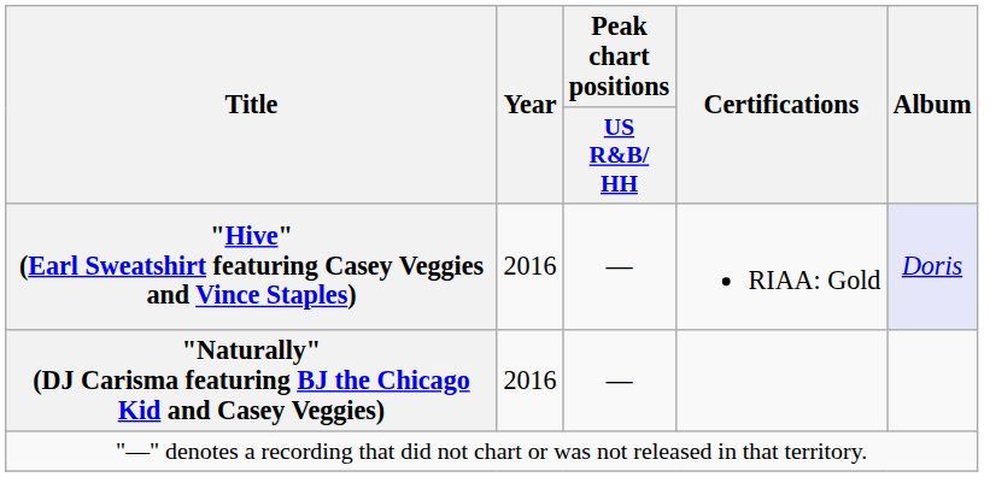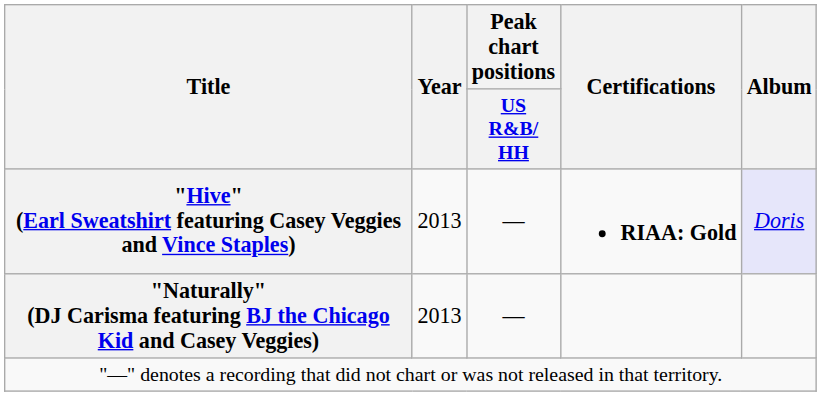 <table class="wikitable plainrowheaders" style="text-align:center;">
 <tr>
 <th scope="col" rowspan="2" style="width:18em;">Title</th>
 <th scope="col" rowspan="2">Year</th>
 <th scope="col" colspan="1">Peak chart positions</th>
 <th scope="col" rowspan="2">Certifications</th>
 <th scope="col" rowspan="2">Album</th>
 </tr>
 <tr>
 <th scope="col" style="width:3em;font-size:90%;"><a href='#'>US<br>R&B/<br>HH</a><br></th>
 </tr>
 <tr>
 <th scope="row">"<a href='#'>Hive</a>"<br><span>(<a href='#'>Earl Sweatshirt</a> featuring Casey Veggies and <a href='#'>Vince Staples</a>)</span></th>
-<td>2016</td>
+<td>2013</td>
 <td>—</td>
-<td><br><ul><li>RIAA: Gold</li></ul></td>
+<td><strong><br><ul><li>RIAA: Gold</li></ul></strong></td>
 <td style="background: lavender;"><em><a href='#'>Doris</a></em></td>
 </tr>
 <tr>
 <th scope="row">"Naturally"<br><span>(DJ Carisma featuring <a href='#'>BJ the Chicago Kid</a> and Casey Veggies)</span></th>
-<td>2016</td>
+<td>2013</td>
 <td>—</td>
 <td></td>
 <td></td>
 </tr>
 <tr>
 <td colspan="8" style="font-size:90%">"—" denotes a recording that did not chart or was not released in that territory.</td>
 </tr>
 </table>
